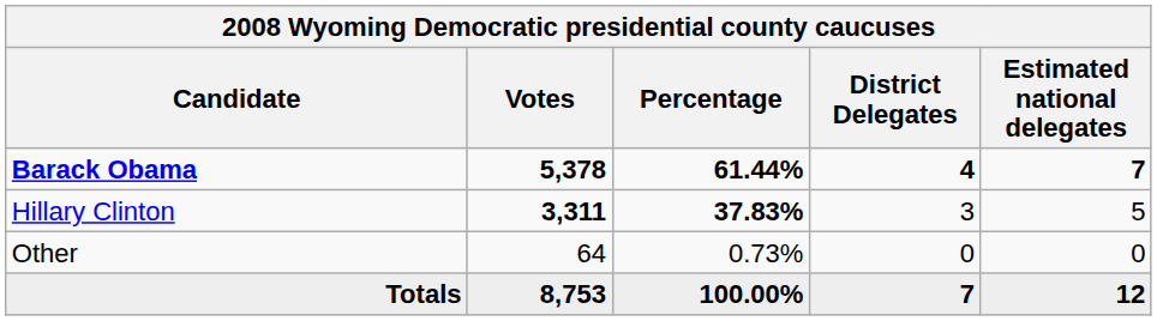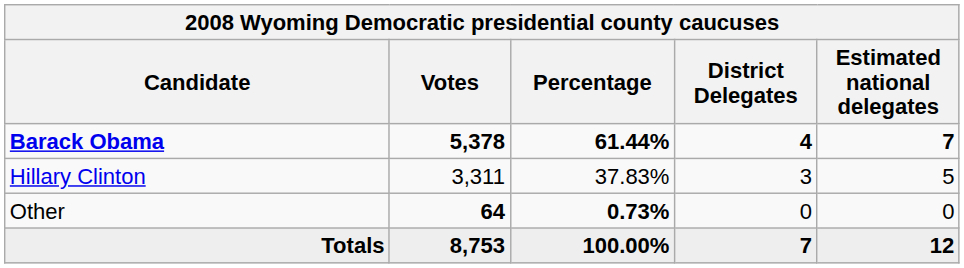 <table class="wikitable" style="font-size: 95%; text-align:right;">
 <tr>
 <th colspan="5">2008 Wyoming Democratic presidential county caucuses</th>
 </tr>
 <tr>
 <th style="width: 17em">Candidate</th>
 <th style="width: 5em">Votes</th>
 <th style="width: 7em">Percentage</th>
 <th style="width: 6em">District Delegates</th>
 <th style="width: 6em">Estimated national delegates</th>
 </tr>
 <tr>
 <td align="left"><strong><a href='#'>Barack Obama</a></strong></td>
 <td><strong>5,378</strong></td>
 <td><strong>61.44%</strong></td>
 <td><strong>4</strong></td>
 <td><strong>7</strong></td>
 </tr>
 <tr>
 <td align="left"><a href='#'>Hillary Clinton</a></td>
-<td><strong>3,311</strong></td>
-<td><strong>37.83%</strong></td>
+<td>3,311</td>
+<td>37.83%</td>
 <td>3</td>
 <td>5</td>
 </tr>
 <tr>
 <td align="left">Other</td>
-<td>64</td>
-<td>0.73%</td>
+<td><strong>64</strong></td>
+<td><strong>0.73%</strong></td>
 <td>0</td>
 <td>0</td>
 </tr>
 <tr bgcolor="#EEEEEE" style="margin-right:0.5em">
 <td><strong>Totals</strong></td>
 <td><strong>8,753</strong></td>
 <td><strong>100.00%</strong></td>
 <td><strong>7</strong></td>
 <td><strong>12</strong></td>
 </tr>
 </table>
